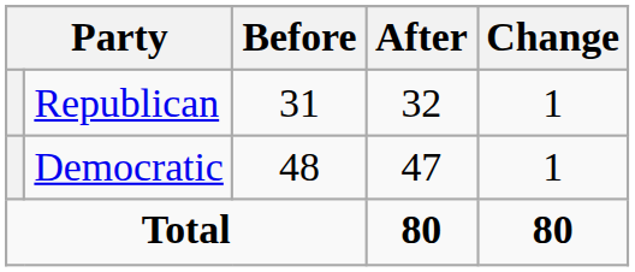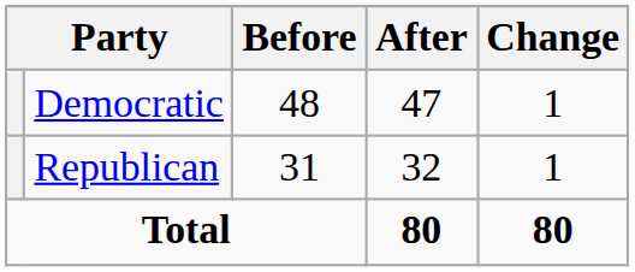 <table class="wikitable" style="text-align:center;">
 <tr>
 </tr>
 <tr>
 <th colspan=2>Party</th>
 <th>Before</th>
 <th>After</th>
 <th>Change</th>
 </tr>
 <tr>
 <th style="background-color:"></th>
-<td style="text-align:left;"><a href='#'>Republican</a></td>
-<td>31</td>
-<td>32</td>
+<td style="text-align:left;"><a href='#'>Democratic</a></td>
+<td>48</td>
+<td>47</td>
 <td> 1</td>
 </tr>
 <tr>
 <th style="background-color:"></th>
-<td style="text-align:left;"><a href='#'>Democratic</a></td>
-<td>48</td>
-<td>47</td>
+<td style="text-align:left;"><a href='#'>Republican</a></td>
+<td>31</td>
+<td>32</td>
 <td> 1</td>
 </tr>
 <tr>
 <td colspan=3><strong>Total</strong></td>
 <td><strong>80</strong></td>
 <td><strong>80</strong></td>
 </tr>
 </table>
